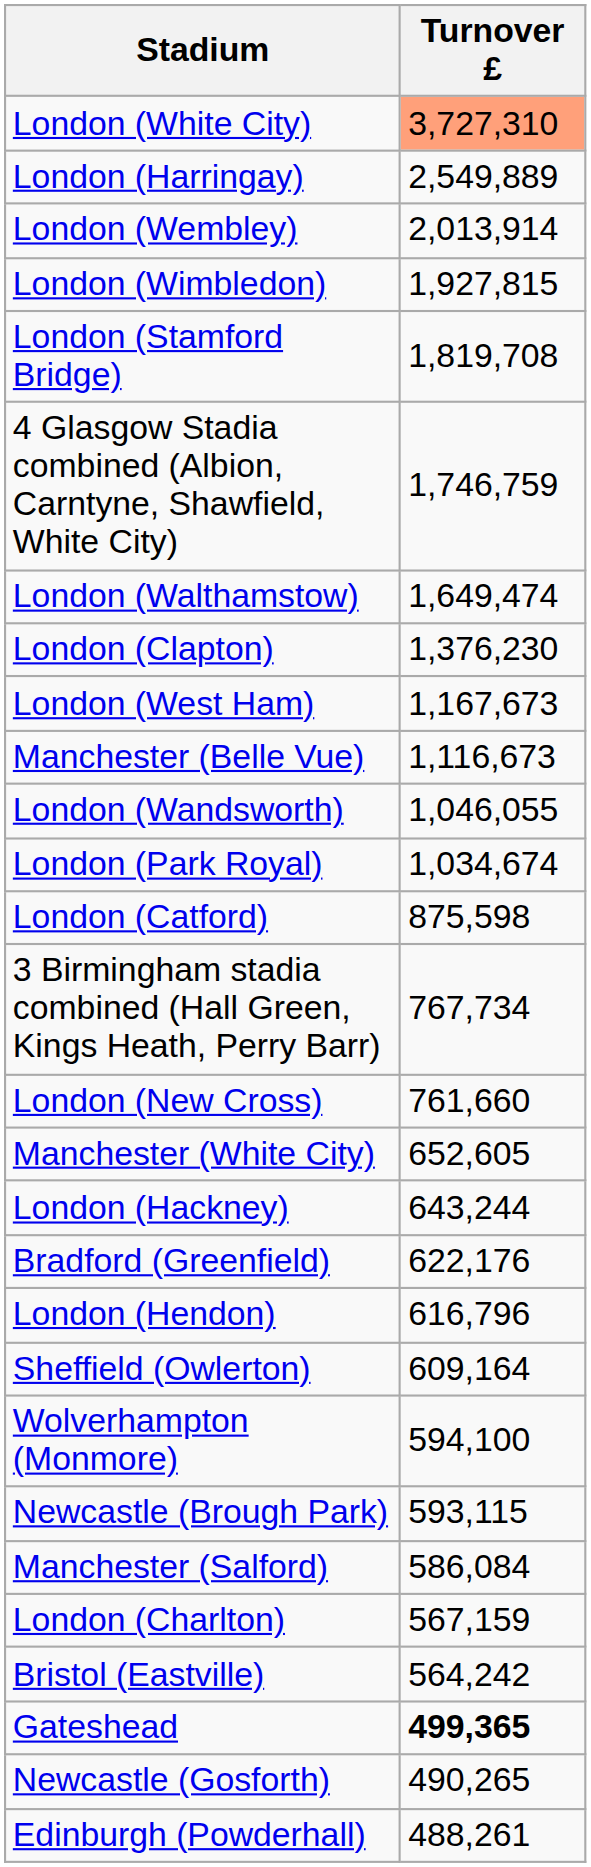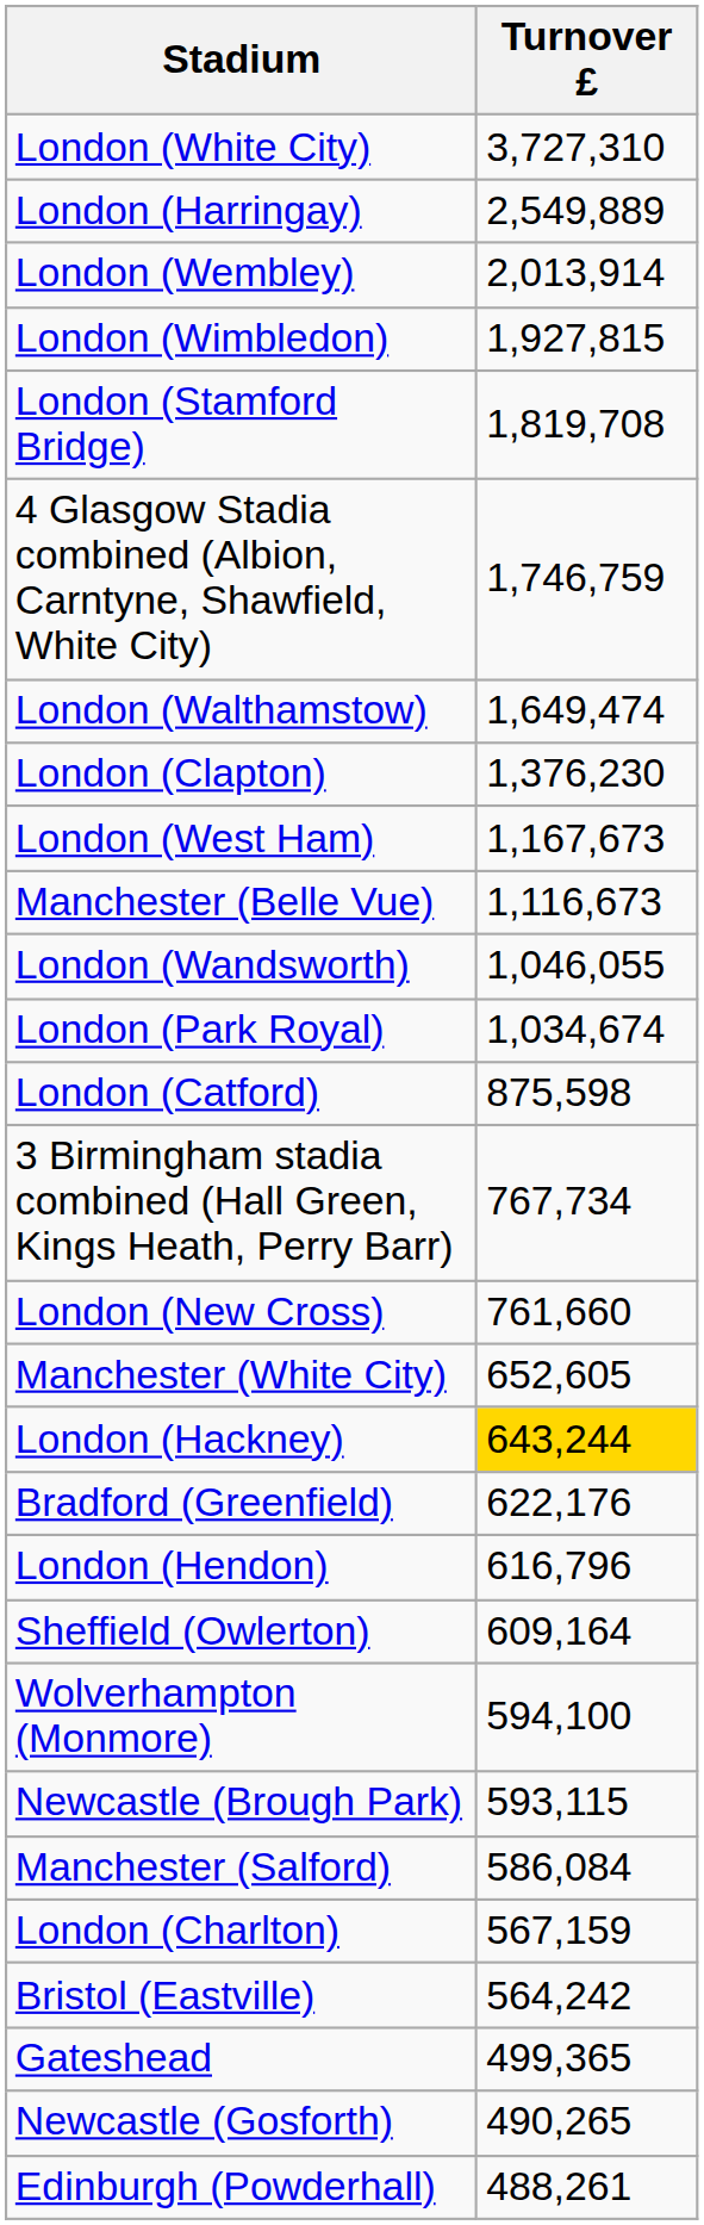 <table class="wikitable">
 <tr>
 <th width=180>Stadium</th>
 <th width=80>Turnover £</th>
 </tr>
 <tr>
 <td><a href='#'>London (White City)</a></td>
-<td style="background: lightsalmon;">3,727,310</td>
+<td>3,727,310</td>
 </tr>
 <tr>
 <td><a href='#'>London (Harringay)</a></td>
 <td>2,549,889</td>
 </tr>
 <tr>
 <td><a href='#'>London (Wembley)</a></td>
 <td>2,013,914</td>
 </tr>
 <tr>
 <td><a href='#'>London (Wimbledon)</a></td>
 <td>1,927,815</td>
 </tr>
 <tr>
 <td><a href='#'>London (Stamford Bridge)</a></td>
 <td>1,819,708</td>
 </tr>
 <tr>
 <td>4 Glasgow Stadia combined (Albion, Carntyne, Shawfield, White City)</td>
 <td>1,746,759</td>
 </tr>
 <tr>
 <td><a href='#'>London (Walthamstow)</a></td>
 <td>1,649,474</td>
 </tr>
 <tr>
 <td><a href='#'>London (Clapton)</a></td>
 <td>1,376,230</td>
 </tr>
 <tr>
 <td><a href='#'>London (West Ham)</a></td>
 <td>1,167,673</td>
 </tr>
 <tr>
 <td><a href='#'>Manchester (Belle Vue)</a></td>
 <td>1,116,673</td>
 </tr>
 <tr>
 <td><a href='#'>London (Wandsworth)</a></td>
 <td>1,046,055</td>
 </tr>
 <tr>
 <td><a href='#'>London (Park Royal)</a></td>
 <td>1,034,674</td>
 </tr>
 <tr>
 <td><a href='#'>London (Catford)</a></td>
 <td>875,598</td>
 </tr>
 <tr>
 <td>3 Birmingham stadia combined (Hall Green, Kings Heath, Perry Barr)</td>
 <td>767,734</td>
 </tr>
 <tr>
 <td><a href='#'>London (New Cross)</a></td>
 <td>761,660</td>
 </tr>
 <tr>
 <td><a href='#'>Manchester (White City)</a></td>
 <td>652,605</td>
 </tr>
 <tr>
 <td><a href='#'>London (Hackney)</a></td>
-<td>643,244</td>
+<td style="background: gold;">643,244</td>
 </tr>
 <tr>
 <td><a href='#'>Bradford (Greenfield)</a></td>
 <td>622,176</td>
 </tr>
 <tr>
 <td><a href='#'>London (Hendon)</a></td>
 <td>616,796</td>
 </tr>
 <tr>
 <td><a href='#'>Sheffield (Owlerton)</a></td>
 <td>609,164</td>
 </tr>
 <tr>
 <td><a href='#'>Wolverhampton (Monmore)</a></td>
 <td>594,100</td>
 </tr>
 <tr>
 <td><a href='#'>Newcastle (Brough Park)</a></td>
 <td>593,115</td>
 </tr>
 <tr>
 <td><a href='#'>Manchester (Salford)</a></td>
 <td>586,084</td>
 </tr>
 <tr>
 <td><a href='#'>London (Charlton)</a></td>
 <td>567,159</td>
 </tr>
 <tr>
 <td><a href='#'>Bristol (Eastville)</a></td>
 <td>564,242</td>
 </tr>
 <tr>
 <td><a href='#'>Gateshead</a></td>
-<td><strong>499,365</strong></td>
+<td>499,365</td>
 </tr>
 <tr>
 <td><a href='#'>Newcastle (Gosforth)</a></td>
 <td>490,265</td>
 </tr>
 <tr>
 <td><a href='#'>Edinburgh (Powderhall)</a></td>
 <td>488,261</td>
 </tr>
 </table>
